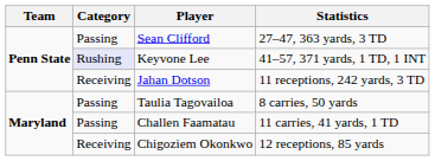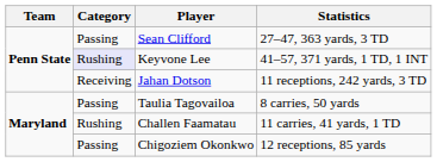 <table class="wikitable" style="float: right;">
 <tr>
 <th>Team</th>
 <th>Category</th>
 <th>Player</th>
 <th>Statistics</th>
 </tr>
 <tr>
 <td rowspan=3><strong>Penn State</strong></td>
 <td>Passing</td>
 <td><a href='#'>Sean Clifford</a></td>
 <td>27–47, 363 yards, 3 TD</td>
 </tr>
 <tr>
 <td style="background: lavender;">Rushing</td>
 <td>Keyvone Lee</td>
 <td>41–57,  371 yards, 1 TD, 1 INT</td>
 </tr>
 <tr>
 <td>Receiving</td>
 <td><a href='#'>Jahan Dotson</a></td>
 <td>11 receptions, 242 yards, 3 TD</td>
 </tr>
 <tr>
 <td rowspan=3><strong>Maryland</strong></td>
 <td>Passing</td>
 <td>Taulia Tagovailoa</td>
 <td>8 carries, 50 yards</td>
 </tr>
 <tr>
-<td>Passing</td>
+<td>Rushing</td>
 <td>Challen Faamatau</td>
 <td>11 carries, 41 yards, 1 TD</td>
 </tr>
 <tr>
-<td>Receiving</td>
+<td>Passing</td>
 <td>Chigoziem Okonkwo</td>
 <td>12 receptions, 85 yards</td>
 </tr>
 </table>
